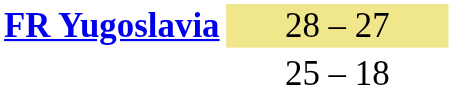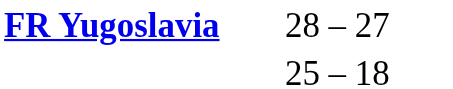 <table style="text-align:center">
 <tr>
 <th width=200></th>
 <th width=100></th>
 <th width=200></th>
 </tr>
 <tr>
 <td align=right><strong><a href='#'>FR Yugoslavia</a> </strong></td>
-<td style="background: khaki;">28 – 27</td>
+<td>28 – 27</td>
 <td align=left></td>
 </tr>
 <tr>
 <td align=right><strong></strong></td>
 <td>25 – 18</td>
 <td align=left></td>
 </tr>
 </table>
